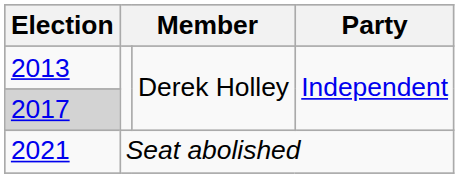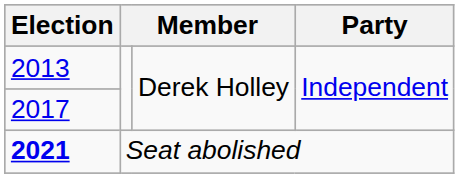 <table class="wikitable">
 <tr>
 <th>Election</th>
 <th colspan="2">Member</th>
 <th>Party</th>
 </tr>
 <tr>
 <td><a href='#'>2013</a></td>
 <td rowspan="2" style="background-color: "></td>
 <td rowspan="2">Derek Holley</td>
 <td rowspan="2"><a href='#'>Independent</a></td>
 </tr>
 <tr>
-<td style="background: lightgrey;"><a href='#'>2017</a></td>
+<td><a href='#'>2017</a></td>
 </tr>
 <tr>
-<td><a href='#'>2021</a></td>
+<td><strong><a href='#'>2021</a></strong></td>
 <td colspan="3"><em>Seat abolished</em></td>
 </tr>
 </table>
